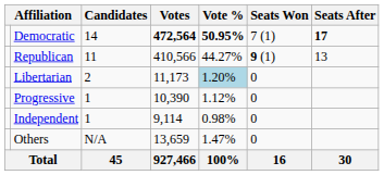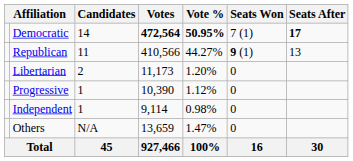 <table class="wikitable">
 <tr>
 <th colspan="2">Affiliation</th>
 <th>Candidates</th>
 <th>Votes</th>
 <th>Vote %</th>
 <th>Seats Won</th>
 <th>Seats After</th>
 </tr>
 <tr>
 <td style="background-color:"></td>
 <td><a href='#'>Democratic</a></td>
 <td>14</td>
 <td><strong>472,564</strong></td>
 <td><strong>50.95%</strong></td>
 <td>7 (1)</td>
 <td><strong>17</strong></td>
 </tr>
 <tr>
 <td style="background-color:"></td>
 <td><a href='#'>Republican</a></td>
 <td>11</td>
 <td>410,566</td>
 <td>44.27%</td>
 <td><strong>9</strong> (1)</td>
 <td>13</td>
 </tr>
 <tr>
 <td style="background-color:"></td>
 <td><a href='#'>Libertarian</a></td>
 <td>2</td>
 <td>11,173</td>
-<td style="background: lightblue;">1.20%</td>
+<td>1.20%</td>
 <td>0</td>
 <td></td>
 </tr>
 <tr>
 <td style="background-color:"></td>
 <td><a href='#'>Progressive</a></td>
 <td>1</td>
 <td>10,390</td>
 <td>1.12%</td>
 <td>0</td>
 <td></td>
 </tr>
 <tr>
 <td style="background-color:"></td>
 <td><a href='#'>Independent</a></td>
 <td>1</td>
 <td>9,114</td>
 <td>0.98%</td>
 <td>0</td>
 <td></td>
 </tr>
 <tr>
 <td></td>
 <td>Others</td>
 <td>N/A</td>
 <td>13,659</td>
 <td>1.47%</td>
 <td>0</td>
 <td></td>
 </tr>
 <tr>
 <th colspan="2">Total</th>
 <th>45</th>
 <th>927,466</th>
 <th>100%</th>
 <th>16</th>
 <th>30</th>
 </tr>
 </table>
